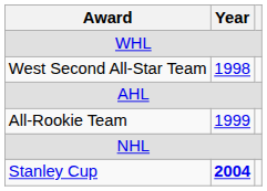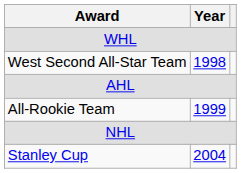 <table class="wikitable">
 <tr>
 <th>Award</th>
 <th>Year</th>
 <th></th>
 </tr>
 <tr ALIGN="center" bgcolor="#e0e0e0">
 <td colspan="3"><a href='#'>WHL</a></td>
 </tr>
 <tr>
 <td>West Second All-Star Team</td>
 <td><a href='#'>1998</a></td>
 <td></td>
 </tr>
 <tr ALIGN="center" bgcolor="#e0e0e0">
 <td colspan="3"><a href='#'>AHL</a></td>
 </tr>
 <tr>
 <td>All-Rookie Team</td>
 <td><a href='#'>1999</a></td>
 <td></td>
 </tr>
 <tr ALIGN="center" bgcolor="#e0e0e0">
 <td colspan="3"><a href='#'>NHL</a></td>
 </tr>
 <tr>
 <td><a href='#'>Stanley Cup</a></td>
-<td><strong><a href='#'>2004</a></strong></td>
+<td><a href='#'>2004</a></td>
 <td></td>
 </tr>
 </table>
